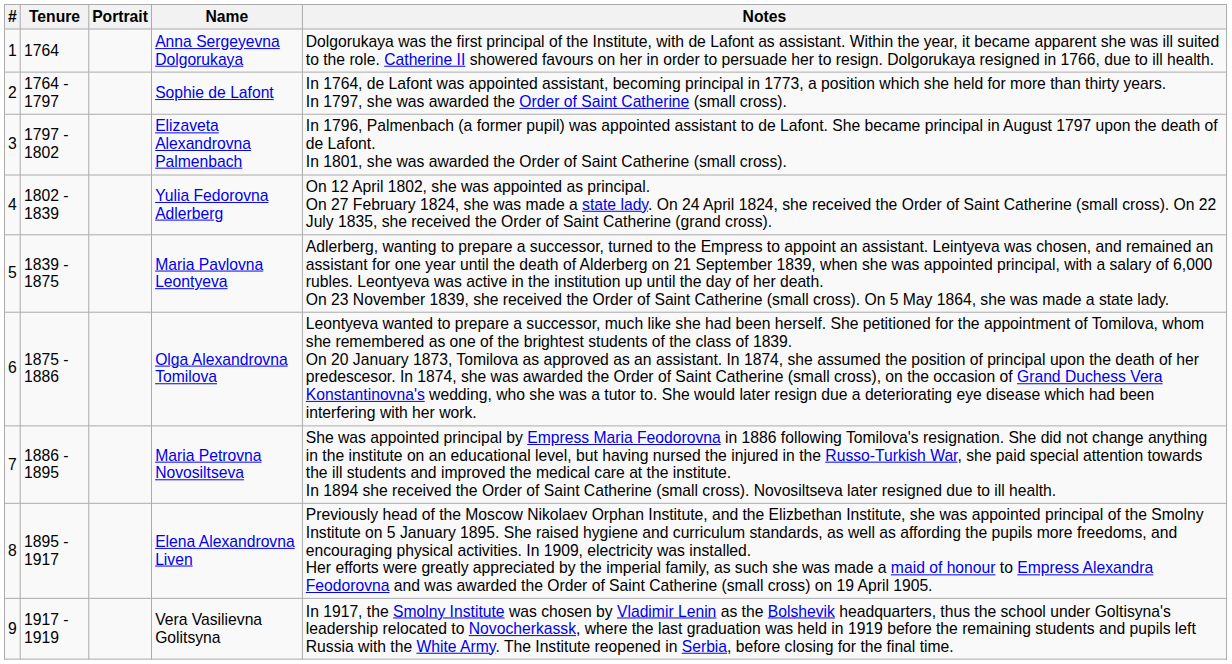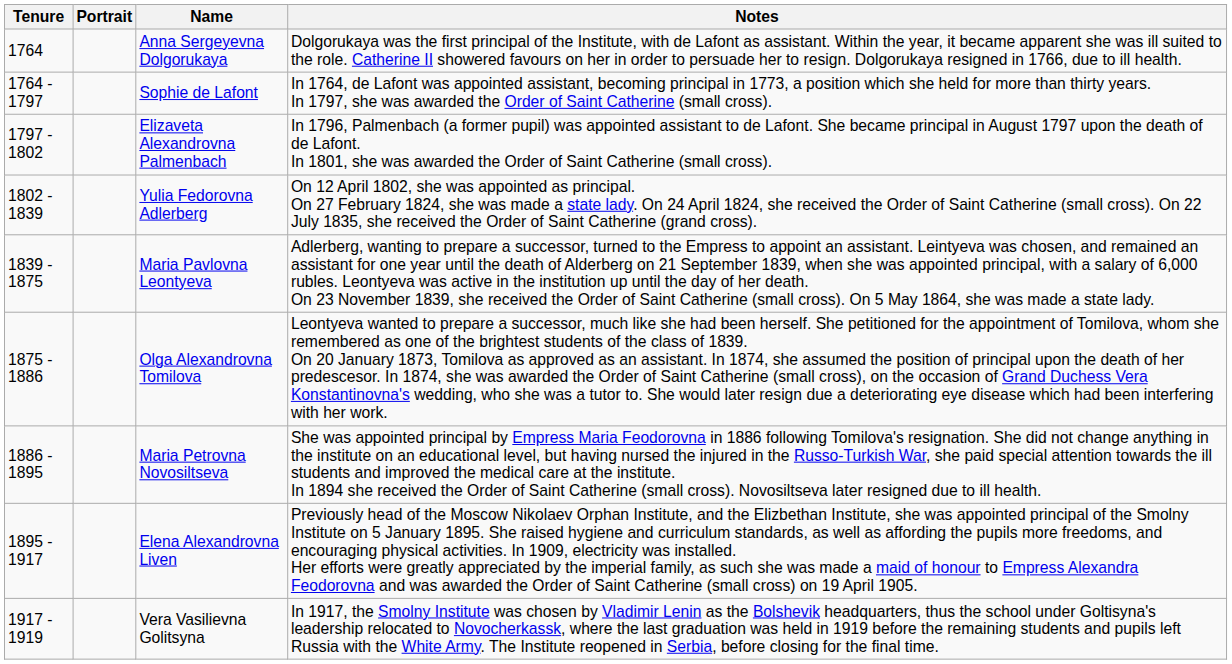 <table class="wikitable">
 <tr>
-<th>#</th>
 <th>Tenure</th>
 <th>Portrait</th>
 <th>Name</th>
 <th>Notes</th>
 </tr>
 <tr>
-<td>1</td>
 <td>1764</td>
 <td></td>
 <td><a href='#'>Anna Sergeyevna Dolgorukaya</a></td>
 <td>Dolgorukaya was the first principal of the Institute, with de Lafont as assistant. Within the year, it became apparent she was ill suited to the role. <a href='#'>Catherine II</a> showered favours on her in order to persuade her to resign. Dolgorukaya resigned in 1766, due to ill health.</td>
 </tr>
 <tr>
-<td>2</td>
 <td>1764 - 1797</td>
 <td></td>
 <td><a href='#'>Sophie de Lafont</a></td>
 <td>In 1764, de Lafont was appointed assistant, becoming principal in 1773, a position which she held for more than thirty years.<br>In 1797, she was awarded the <a href='#'>Order of Saint Catherine</a> (small cross).</td>
 </tr>
 <tr>
-<td>3</td>
 <td>1797 - 1802</td>
 <td></td>
 <td><a href='#'>Elizaveta Alexandrovna Palmenbach</a></td>
 <td>In 1796, Palmenbach (a former pupil) was appointed assistant to de Lafont. She became principal in August 1797 upon the death of de Lafont.<br>In 1801, she was awarded the Order of Saint Catherine (small cross).</td>
 </tr>
 <tr>
-<td>4</td>
 <td>1802 - 1839</td>
 <td></td>
 <td><a href='#'>Yulia Fedorovna Adlerberg</a></td>
 <td>On 12 April 1802, she was appointed as principal.<br>On 27 February 1824, she was made a <a href='#'>state lady</a>. On 24 April 1824, she received the Order of Saint Catherine (small cross). On 22 July 1835, she received the Order of Saint Catherine (grand cross).</td>
 </tr>
 <tr>
-<td>5</td>
 <td>1839 - 1875</td>
 <td></td>
 <td><a href='#'>Maria Pavlovna Leontyeva</a></td>
 <td>Adlerberg, wanting to prepare a successor, turned to the Empress to appoint an assistant. Leintyeva was chosen, and remained an assistant for one year until the death of Alderberg on 21 September 1839, when she was appointed principal, with a salary of 6,000 rubles. Leontyeva was active in the institution up until the day of her death.<br>On 23 November 1839, she received the Order of Saint Catherine (small cross). On 5 May 1864, she was made a state lady.</td>
 </tr>
 <tr>
-<td>6</td>
 <td>1875 - 1886</td>
 <td></td>
 <td><a href='#'>Olga Alexandrovna Tomilova</a></td>
 <td>Leontyeva wanted to prepare a successor, much like she had been herself. She petitioned for the appointment of Tomilova, whom she remembered as one of the brightest students of the class of 1839.<br>On 20 January 1873, Tomilova as approved as an assistant. In 1874, she assumed the position of principal upon the death of her predescesor. In 1874, she was awarded the Order of Saint Catherine (small cross), on the occasion of <a href='#'>Grand Duchess Vera Konstantinovna's</a> wedding, who she was a tutor to. She would later resign due a deteriorating eye disease which had been interfering with her work.</td>
 </tr>
 <tr>
-<td>7</td>
 <td>1886 - 1895</td>
 <td></td>
 <td><a href='#'>Maria Petrovna Novosiltseva</a></td>
 <td>She was appointed principal by <a href='#'>Empress Maria Feodorovna</a> in 1886 following Tomilova's resignation. She did not change anything in the institute on an educational level, but having nursed the injured in the <a href='#'>Russo-Turkish War</a>, she paid special attention towards the ill students and improved the medical care at the institute.<br>In 1894 she received the Order of Saint Catherine (small cross). Novosiltseva later resigned due to ill health.</td>
 </tr>
 <tr>
-<td>8</td>
 <td>1895 - 1917</td>
 <td></td>
 <td><a href='#'>Elena Alexandrovna Liven</a></td>
 <td>Previously head of the Moscow Nikolaev Orphan Institute, and the Elizbethan Institute, she was appointed principal of the Smolny Institute on 5 January 1895. She raised hygiene and curriculum standards, as well as affording the pupils more freedoms, and encouraging physical activities. In 1909, electricity was installed.<br>Her efforts were greatly appreciated by the imperial family, as such she was made a <a href='#'>maid of honour</a> to <a href='#'>Empress Alexandra Feodorovna</a> and was awarded the Order of Saint Catherine (small cross) on 19 April 1905.</td>
 </tr>
 <tr>
-<td>9</td>
 <td>1917 - 1919</td>
 <td></td>
 <td>Vera Vasilievna Golitsyna</td>
 <td>In 1917, the <a href='#'>Smolny Institute</a> was chosen by <a href='#'>Vladimir Lenin</a> as the <a href='#'>Bolshevik</a> headquarters, thus the school under Goltisyna's leadership relocated to <a href='#'>Novocherkassk</a>, where the last graduation was held in 1919 before the remaining students and pupils left Russia with the <a href='#'>White Army</a>. The Institute reopened in <a href='#'>Serbia</a>, before closing for the final time.</td>
 </tr>
 </table>
